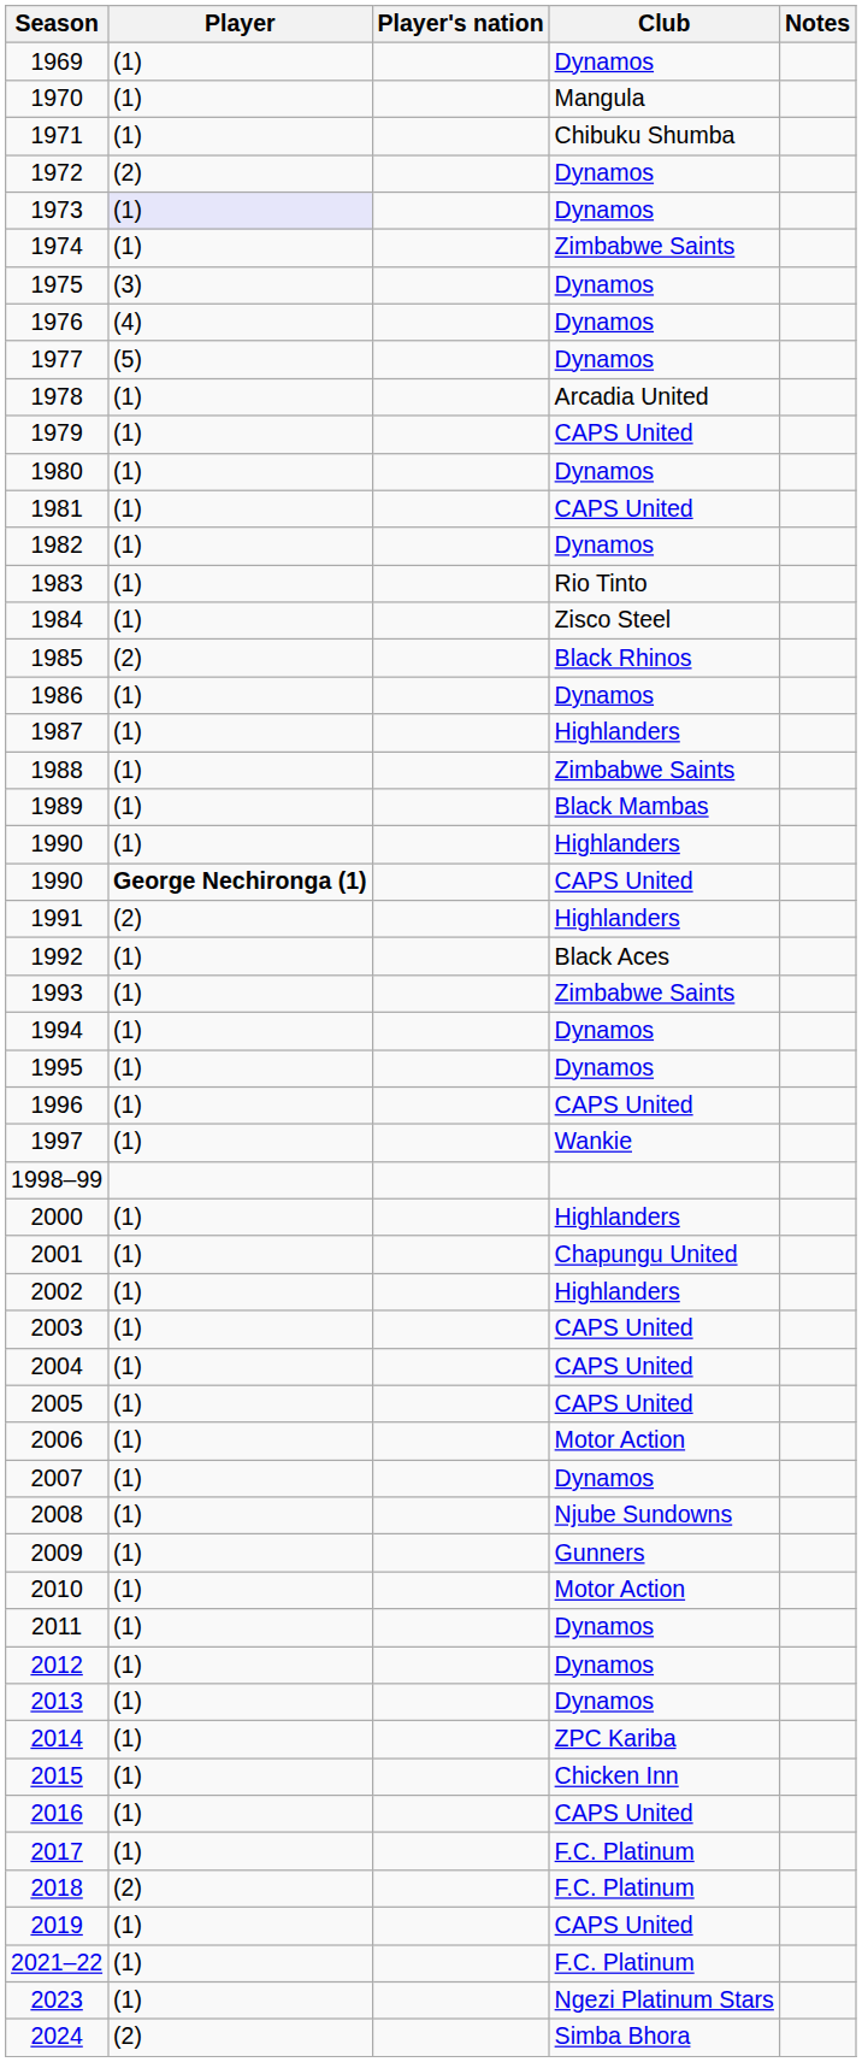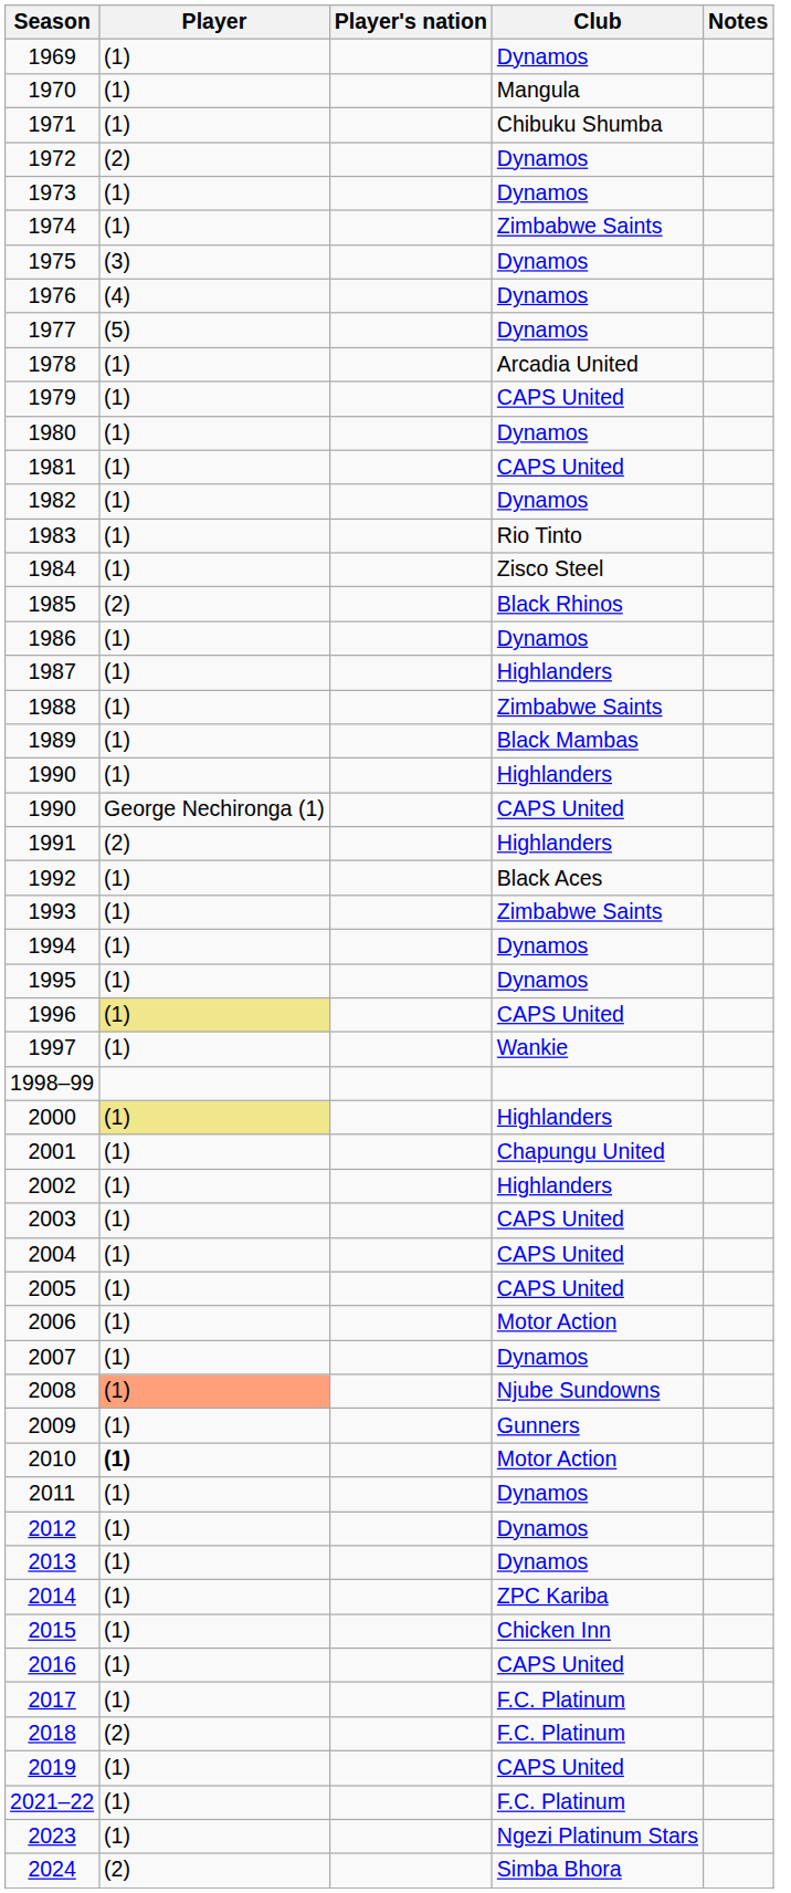 <table class="wikitable sortable">
 <tr>
 <th>Season</th>
 <th>Player</th>
 <th>Player's nation</th>
 <th>Club</th>
 <th class=unsortable>Notes</th>
 </tr>
 <tr>
 <td align=center>1969</td>
 <td> (1)</td>
 <td></td>
 <td><a href='#'>Dynamos</a></td>
 <td></td>
 </tr>
 <tr>
 <td align=center>1970</td>
 <td> (1)</td>
 <td></td>
 <td>Mangula</td>
 <td></td>
 </tr>
 <tr>
 <td align=center>1971</td>
 <td> (1)</td>
 <td></td>
 <td>Chibuku Shumba</td>
 <td></td>
 </tr>
 <tr>
 <td align=center>1972</td>
 <td> (2)</td>
 <td></td>
 <td><a href='#'>Dynamos</a></td>
 <td></td>
 </tr>
 <tr>
 <td align=center>1973</td>
-<td style="background: lavender;"> (1)</td>
+<td> (1)</td>
 <td></td>
 <td><a href='#'>Dynamos</a></td>
 <td></td>
 </tr>
 <tr>
 <td align=center>1974</td>
 <td> (1)</td>
 <td></td>
 <td><a href='#'>Zimbabwe Saints</a></td>
 <td></td>
 </tr>
 <tr>
 <td align=center>1975</td>
 <td> (3)</td>
 <td></td>
 <td><a href='#'>Dynamos</a></td>
 <td></td>
 </tr>
 <tr>
 <td align=center>1976</td>
 <td> (4)</td>
 <td></td>
 <td><a href='#'>Dynamos</a></td>
 <td></td>
 </tr>
 <tr>
 <td align=center>1977</td>
 <td> (5)</td>
 <td></td>
 <td><a href='#'>Dynamos</a></td>
 <td></td>
 </tr>
 <tr>
 <td align=center>1978</td>
 <td> (1)</td>
 <td></td>
 <td>Arcadia United</td>
 <td></td>
 </tr>
 <tr>
 <td align=center>1979</td>
 <td> (1)</td>
 <td></td>
 <td><a href='#'>CAPS United</a></td>
 <td align=center></td>
 </tr>
 <tr>
 <td align=center>1980</td>
 <td> (1)</td>
 <td></td>
 <td><a href='#'>Dynamos</a></td>
 <td align=center></td>
 </tr>
 <tr>
 <td align=center>1981</td>
 <td> (1)</td>
 <td></td>
 <td><a href='#'>CAPS United</a></td>
 <td></td>
 </tr>
 <tr>
 <td align=center>1982</td>
 <td> (1)</td>
 <td></td>
 <td><a href='#'>Dynamos</a></td>
 <td></td>
 </tr>
 <tr>
 <td align=center>1983</td>
 <td> (1)</td>
 <td></td>
 <td>Rio Tinto</td>
 <td></td>
 </tr>
 <tr>
 <td align=center>1984</td>
 <td> (1)</td>
 <td></td>
 <td>Zisco Steel</td>
 <td></td>
 </tr>
 <tr>
 <td align=center>1985</td>
 <td> (2)</td>
 <td></td>
 <td><a href='#'>Black Rhinos</a></td>
 <td></td>
 </tr>
 <tr>
 <td align=center>1986</td>
 <td> (1)</td>
 <td></td>
 <td><a href='#'>Dynamos</a></td>
 <td></td>
 </tr>
 <tr>
 <td align=center>1987</td>
 <td> (1)</td>
 <td></td>
 <td><a href='#'>Highlanders</a></td>
 <td></td>
 </tr>
 <tr>
 <td align=center>1988</td>
 <td> (1)</td>
 <td></td>
 <td><a href='#'>Zimbabwe Saints</a></td>
 <td></td>
 </tr>
 <tr>
 <td align=center>1989</td>
 <td> (1)</td>
 <td></td>
 <td><a href='#'>Black Mambas</a></td>
 <td></td>
 </tr>
 <tr>
 <td align=center>1990</td>
 <td> (1)</td>
 <td></td>
 <td><a href='#'>Highlanders</a></td>
 <td align=center></td>
 </tr>
 <tr>
 <td align=center>1990</td>
-<td><strong>George Nechironga (1)</strong></td>
+<td>George Nechironga (1)</td>
 <td></td>
 <td><a href='#'>CAPS United</a></td>
 <td align=center></td>
 </tr>
 <tr>
 <td align=center>1991</td>
 <td> (2)</td>
 <td></td>
 <td><a href='#'>Highlanders</a></td>
 <td></td>
 </tr>
 <tr>
 <td align=center>1992</td>
 <td> (1)</td>
 <td></td>
 <td>Black Aces</td>
 <td></td>
 </tr>
 <tr>
 <td align=center>1993</td>
 <td> (1)</td>
 <td></td>
 <td><a href='#'>Zimbabwe Saints</a></td>
 <td></td>
 </tr>
 <tr>
 <td align=center>1994</td>
 <td> (1)</td>
 <td></td>
 <td><a href='#'>Dynamos</a></td>
 <td></td>
 </tr>
 <tr>
 <td align=center>1995</td>
 <td> (1)</td>
 <td></td>
 <td><a href='#'>Dynamos</a></td>
 <td></td>
 </tr>
 <tr>
 <td align=center>1996</td>
-<td> (1)</td>
+<td style="background: khaki;"> (1)</td>
 <td></td>
 <td><a href='#'>CAPS United</a></td>
 <td></td>
 </tr>
 <tr>
 <td align=center>1997</td>
 <td> (1)</td>
 <td></td>
 <td><a href='#'>Wankie</a></td>
 <td></td>
 </tr>
 <tr>
 <td align=center>1998–99</td>
 <td align=center></td>
 <td align=center></td>
 <td align=center></td>
 <td align=center></td>
 </tr>
 <tr>
 <td align=center>2000</td>
-<td> (1)</td>
+<td style="background: khaki;"> (1)</td>
 <td></td>
 <td><a href='#'>Highlanders</a></td>
 <td></td>
 </tr>
 <tr>
 <td align=center>2001</td>
 <td> (1)</td>
 <td></td>
 <td><a href='#'>Chapungu United</a></td>
 <td></td>
 </tr>
 <tr>
 <td align=center>2002</td>
 <td> (1)</td>
 <td></td>
 <td><a href='#'>Highlanders</a></td>
 <td></td>
 </tr>
 <tr>
 <td align=center>2003</td>
 <td> (1)</td>
 <td></td>
 <td><a href='#'>CAPS United</a></td>
 <td></td>
 </tr>
 <tr>
 <td align=center>2004</td>
 <td> (1)</td>
 <td></td>
 <td><a href='#'>CAPS United</a></td>
 <td></td>
 </tr>
 <tr>
 <td align=center>2005</td>
 <td> (1)</td>
 <td></td>
 <td><a href='#'>CAPS United</a></td>
 <td align=center></td>
 </tr>
 <tr>
 <td align=center>2006</td>
 <td> (1)</td>
 <td></td>
 <td><a href='#'>Motor Action</a></td>
 <td></td>
 </tr>
 <tr>
 <td align=center>2007</td>
 <td> (1)</td>
 <td></td>
 <td><a href='#'>Dynamos</a></td>
 <td></td>
 </tr>
 <tr>
 <td align=center>2008</td>
-<td> (1)</td>
+<td style="background: lightsalmon;"> (1)</td>
 <td></td>
 <td><a href='#'>Njube Sundowns</a></td>
 <td></td>
 </tr>
 <tr>
 <td align=center>2009</td>
 <td> (1)</td>
 <td></td>
 <td><a href='#'>Gunners</a></td>
 <td align=center></td>
 </tr>
 <tr>
 <td align=center>2010</td>
-<td> (1)</td>
+<td><strong> (1)</strong></td>
 <td></td>
 <td><a href='#'>Motor Action</a></td>
 <td align=center></td>
 </tr>
 <tr>
 <td align=center>2011</td>
 <td> (1)</td>
 <td></td>
 <td><a href='#'>Dynamos</a></td>
 <td align=center></td>
 </tr>
 <tr>
 <td align=center><a href='#'>2012</a></td>
 <td> (1)</td>
 <td></td>
 <td><a href='#'>Dynamos</a></td>
 <td align=center></td>
 </tr>
 <tr>
 <td align=center><a href='#'>2013</a></td>
 <td> (1)</td>
 <td></td>
 <td><a href='#'>Dynamos</a></td>
 <td align=center></td>
 </tr>
 <tr>
 <td align=center><a href='#'>2014</a></td>
 <td> (1)</td>
 <td></td>
 <td><a href='#'>ZPC Kariba</a></td>
 <td align=center></td>
 </tr>
 <tr>
 <td align=center><a href='#'>2015</a></td>
 <td> (1)</td>
 <td></td>
 <td><a href='#'>Chicken Inn</a></td>
 <td align=center></td>
 </tr>
 <tr>
 <td align=center><a href='#'>2016</a></td>
 <td> (1)</td>
 <td></td>
 <td><a href='#'>CAPS United</a></td>
 <td align=center></td>
 </tr>
 <tr>
 <td align=center><a href='#'>2017</a></td>
 <td> (1)</td>
 <td></td>
 <td><a href='#'>F.C. Platinum</a></td>
 <td align=center></td>
 </tr>
 <tr>
 <td align=center><a href='#'>2018</a></td>
 <td> (2)</td>
 <td></td>
 <td><a href='#'>F.C. Platinum</a></td>
 <td align=center></td>
 </tr>
 <tr>
 <td align=center><a href='#'>2019</a></td>
 <td> (1)</td>
 <td></td>
 <td><a href='#'>CAPS United</a></td>
 <td align=center></td>
 </tr>
 <tr>
 <td align=center><a href='#'>2021–22</a></td>
 <td> (1)</td>
 <td></td>
 <td><a href='#'>F.C. Platinum</a></td>
 <td align=center></td>
 </tr>
 <tr>
 <td align=center><a href='#'>2023</a></td>
 <td> (1)</td>
 <td></td>
 <td><a href='#'>Ngezi Platinum Stars</a></td>
 <td align=center></td>
 </tr>
 <tr>
 <td align=center><a href='#'>2024</a></td>
 <td> (2)</td>
 <td></td>
 <td><a href='#'>Simba Bhora</a></td>
 <td align=center></td>
 </tr>
 <tr>
 </tr>
 </table>
